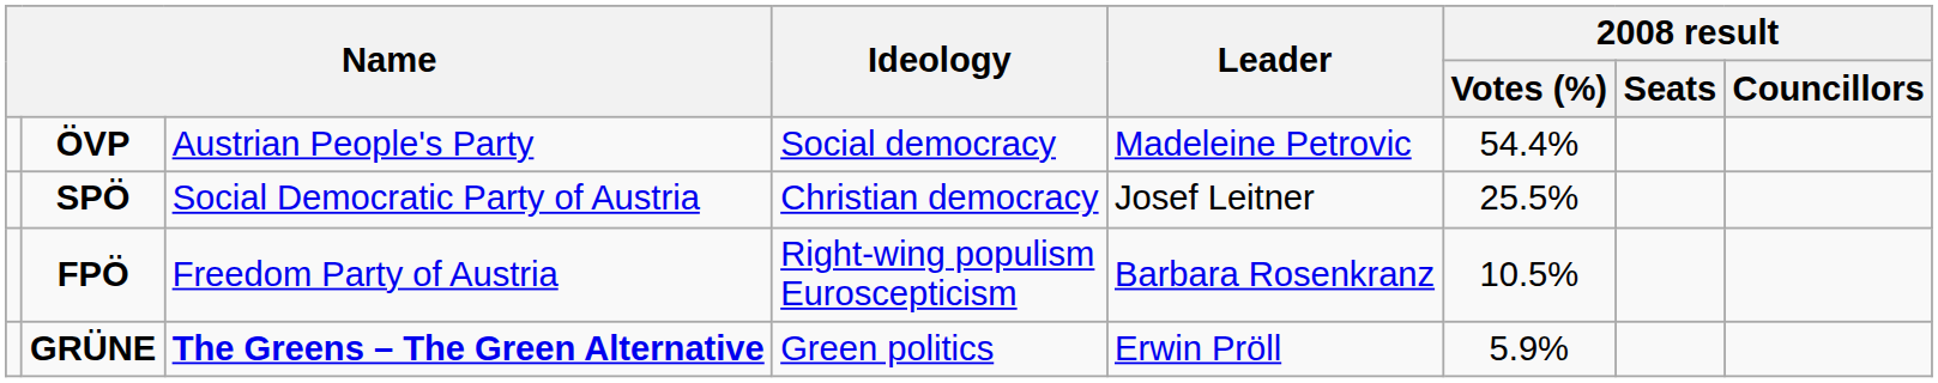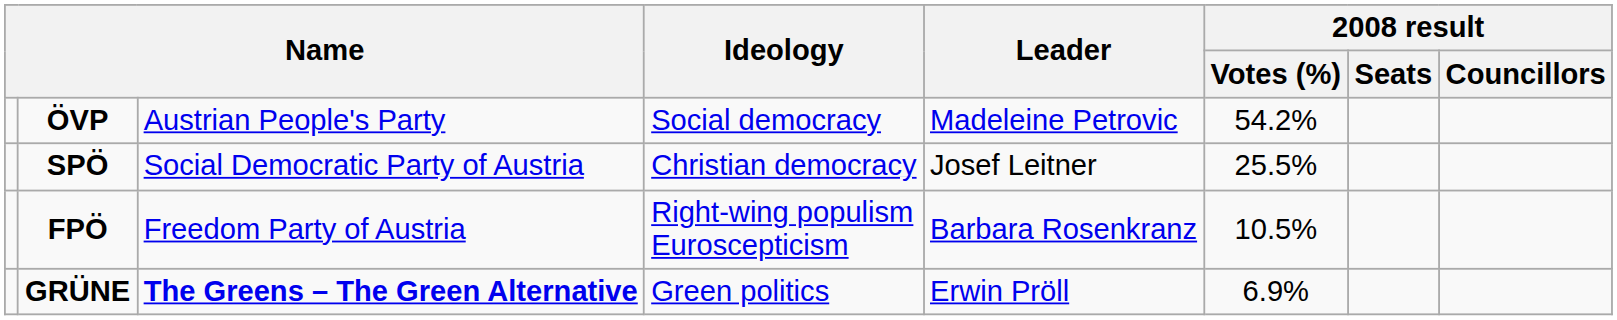 <table class="wikitable">
 <tr>
 <th rowspan="2" colspan="3">Name</th>
 <th rowspan="2">Ideology</th>
 <th rowspan="2">Leader</th>
 <th colspan="3">2008 result</th>
 </tr>
 <tr>
 <th>Votes (%)</th>
 <th>Seats</th>
 <th>Councillors</th>
 </tr>
 <tr>
 <td style="background:"></td>
 <td style="text-align:center;"><strong>ÖVP</strong></td>
 <td><a href='#'>Austrian People's Party</a><br></td>
 <td><a href='#'>Social democracy</a></td>
 <td><a href='#'>Madeleine Petrovic</a></td>
-<td style="text-align:center;">54.4%</td>
+<td style="text-align:center;">54.2%</td>
 <td></td>
 <td></td>
 </tr>
 <tr>
 <td style="background:"></td>
 <td style="text-align:center;"><strong>SPÖ</strong></td>
 <td><a href='#'>Social Democratic Party of Austria</a><br></td>
 <td><a href='#'>Christian democracy</a></td>
 <td>Josef Leitner</td>
 <td style="text-align:center;">25.5%</td>
 <td></td>
 <td></td>
 </tr>
 <tr>
 <td style="background:"></td>
 <td style="text-align:center;"><strong>FPÖ</strong></td>
 <td><a href='#'>Freedom Party of Austria</a><br></td>
 <td><a href='#'>Right-wing populism</a><br><a href='#'>Euroscepticism</a></td>
 <td><a href='#'>Barbara Rosenkranz</a></td>
 <td style="text-align:center;">10.5%</td>
 <td></td>
 <td></td>
 </tr>
 <tr>
 <td style="background:"></td>
 <td style="text-align:center;"><strong>GRÜNE</strong></td>
 <td><strong><a href='#'>The Greens – The Green Alternative</a><br></strong></td>
 <td><a href='#'>Green politics</a></td>
 <td><a href='#'>Erwin Pröll</a></td>
-<td style="text-align:center;">5.9%</td>
+<td style="text-align:center;">6.9%</td>
 <td></td>
 </tr>
 </table>
